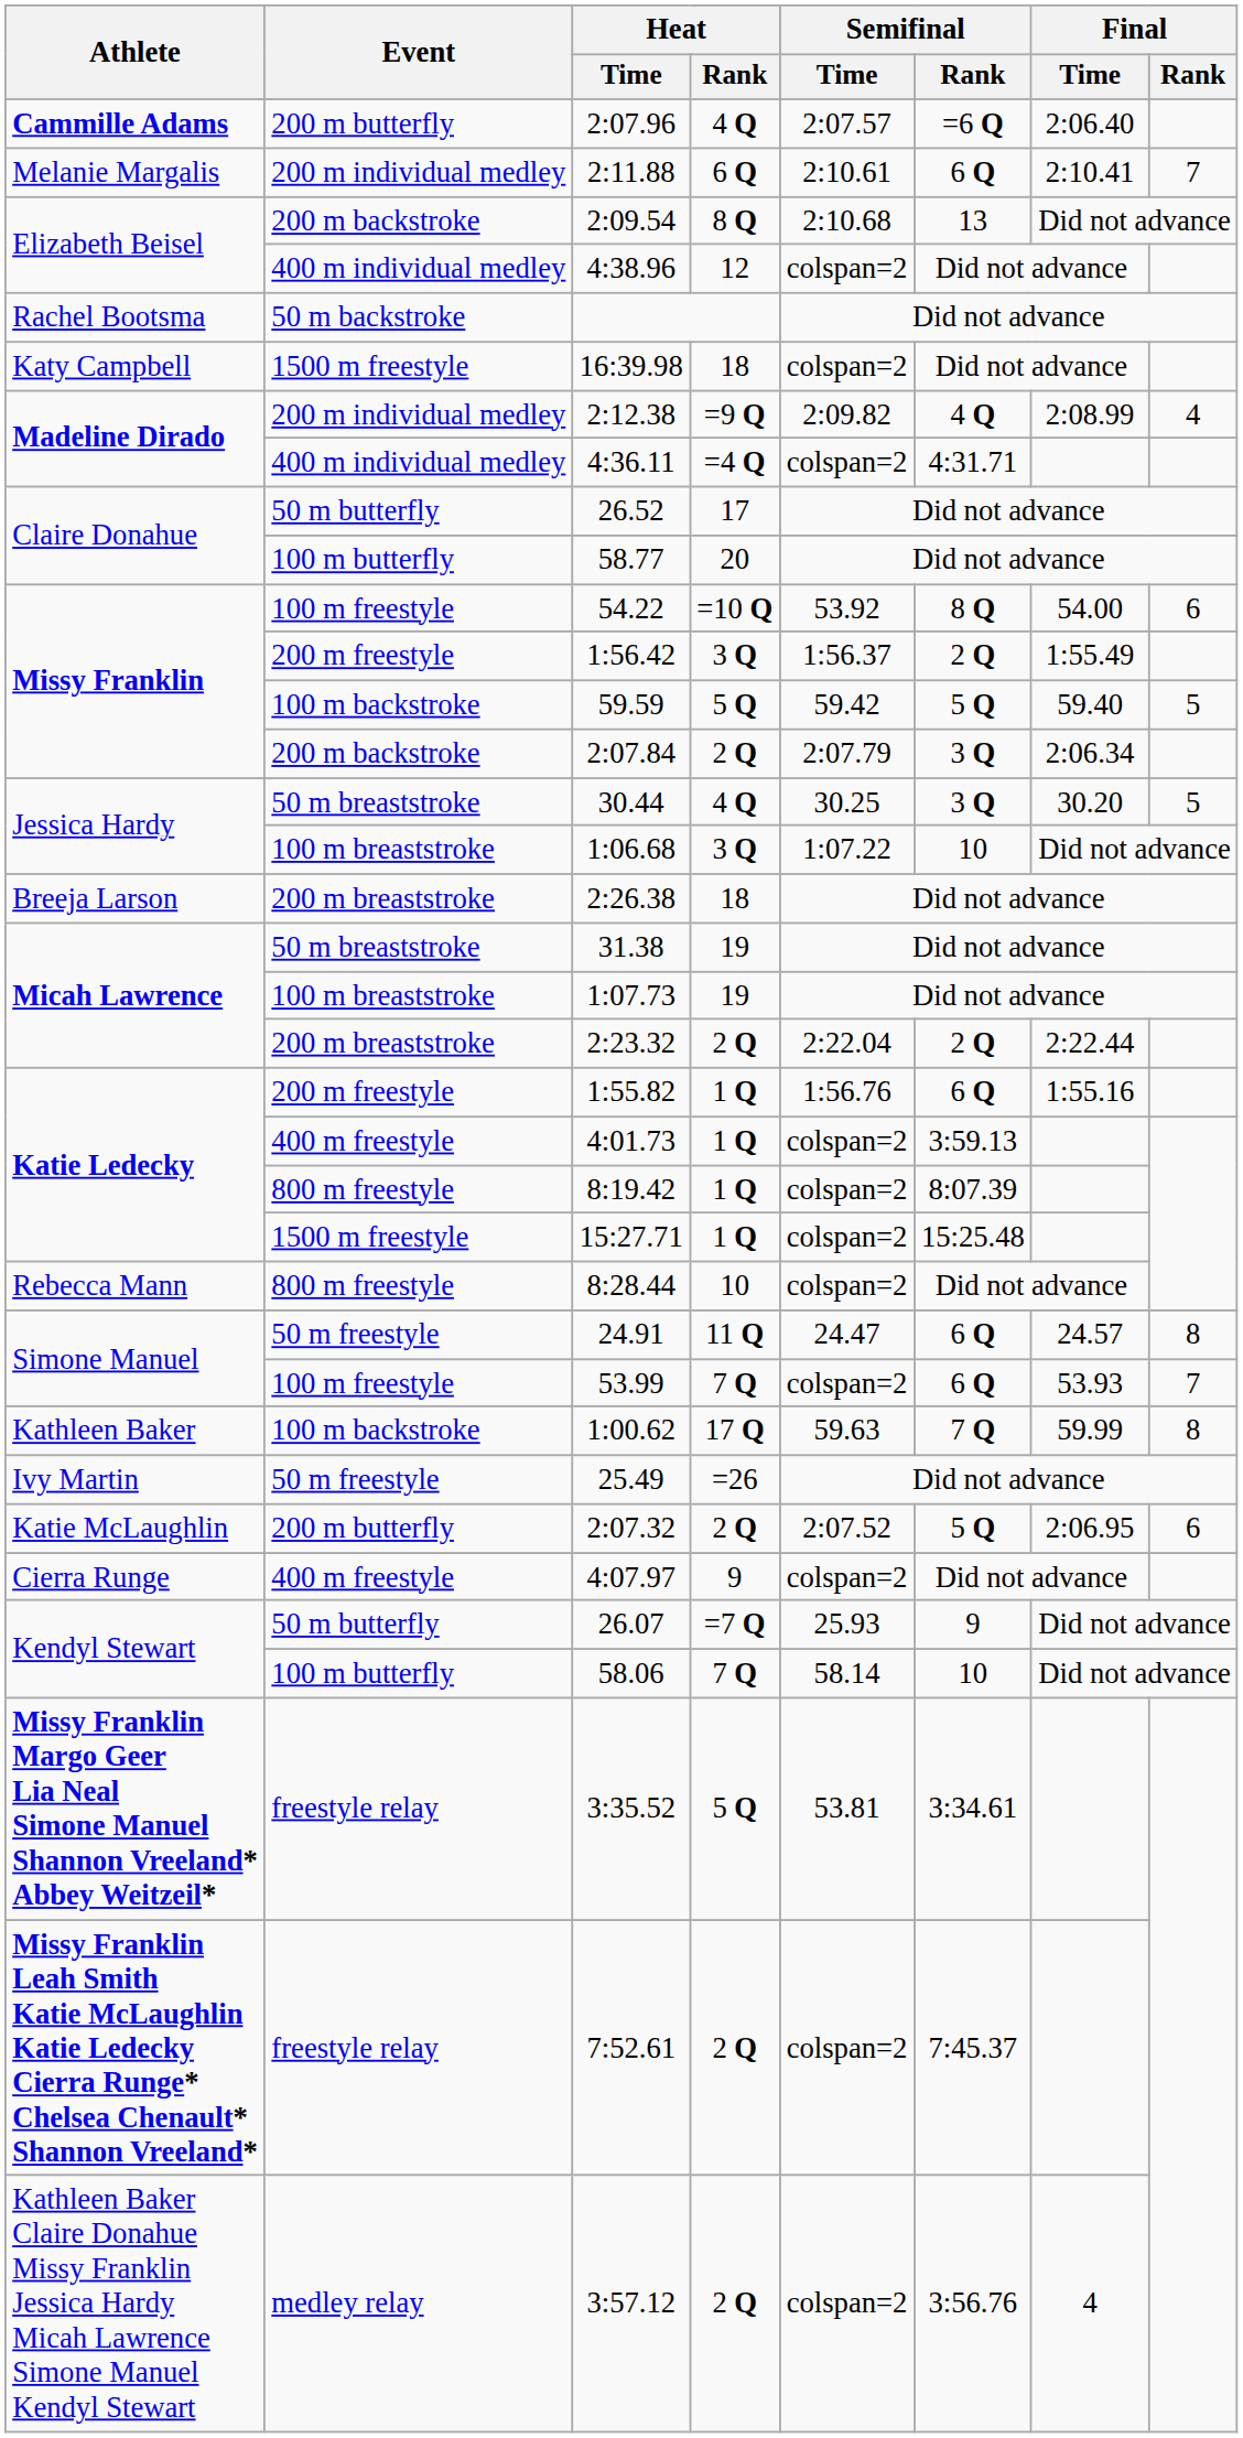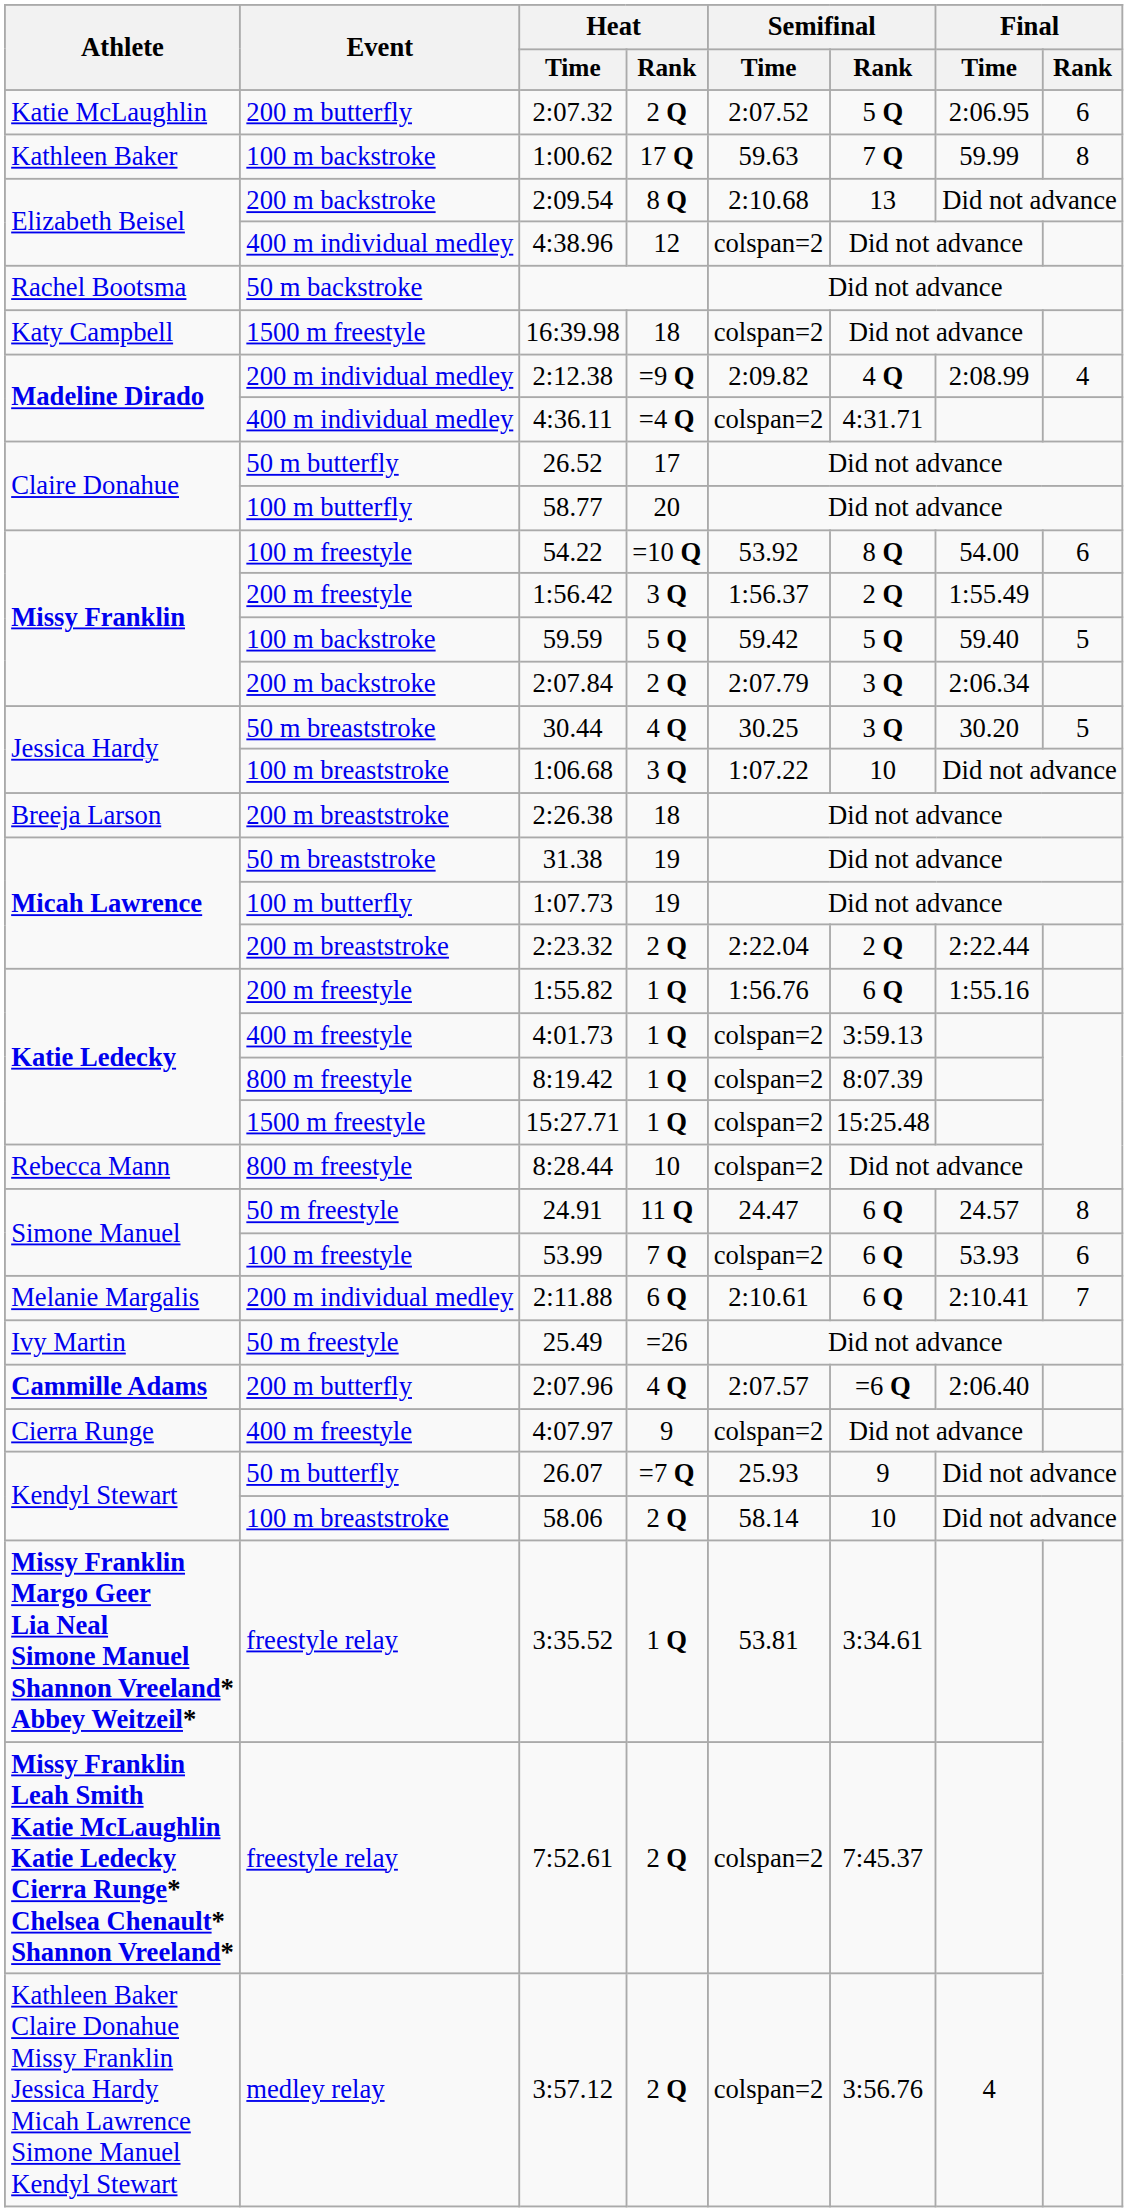 <table class=wikitable style="font-size:90%">
 <tr>
 <th rowspan="2">Athlete</th>
 <th rowspan="2">Event</th>
 <th colspan="2">Heat</th>
 <th colspan="2">Semifinal</th>
 <th colspan="2">Final</th>
 </tr>
 <tr style="font-size:95%">
 <th>Time</th>
 <th>Rank</th>
 <th>Time</th>
 <th>Rank</th>
 <th>Time</th>
 <th>Rank</th>
 </tr>
 <tr align=center>
-<td align=left><strong><a href='#'>Cammille Adams</a></strong></td>
+<td align=left><a href='#'>Katie McLaughlin</a></td>
 <td align=left><a href='#'>200 m butterfly</a></td>
-<td>2:07.96</td>
-<td>4 <strong>Q</strong></td>
-<td>2:07.57</td>
-<td>=6 <strong>Q</strong></td>
-<td>2:06.40</td>
-<td></td>
+<td>2:07.32</td>
+<td>2 <strong>Q</strong></td>
+<td>2:07.52</td>
+<td>5 <strong>Q</strong></td>
+<td>2:06.95</td>
+<td>6</td>
 </tr>
 <tr align=center>
-<td align=left><a href='#'>Melanie Margalis</a></td>
-<td align=left><a href='#'>200 m individual medley</a></td>
-<td>2:11.88</td>
-<td>6 <strong>Q</strong></td>
-<td>2:10.61</td>
-<td>6 <strong>Q</strong></td>
-<td>2:10.41</td>
-<td>7</td>
+<td align=left><a href='#'>Kathleen Baker</a></td>
+<td align=left><a href='#'>100 m backstroke</a></td>
+<td>1:00.62</td>
+<td>17 <strong>Q</strong></td>
+<td>59.63</td>
+<td>7 <strong>Q</strong></td>
+<td>59.99</td>
+<td>8</td>
 </tr>
 <tr align=center>
 <td align=left rowspan=2><a href='#'>Elizabeth Beisel</a></td>
 <td align=left><a href='#'>200 m backstroke</a></td>
 <td>2:09.54</td>
 <td>8 <strong>Q</strong></td>
 <td>2:10.68</td>
 <td>13</td>
 <td colspan=2>Did not advance</td>
 </tr>
 <tr align=center>
 <td align=left><a href='#'>400 m individual medley</a></td>
 <td>4:38.96</td>
 <td>12</td>
 <td>colspan=2 </td>
 <td colspan=2>Did not advance</td>
 </tr>
 <tr align=center>
 <td align=left><a href='#'>Rachel Bootsma</a></td>
 <td align=left><a href='#'>50 m backstroke</a></td>
 <td colspan=2></td>
 <td colspan=4>Did not advance</td>
 </tr>
 <tr align=center>
 <td align=left><a href='#'>Katy Campbell</a></td>
 <td align=left><a href='#'>1500 m freestyle</a></td>
 <td>16:39.98</td>
 <td>18</td>
 <td>colspan=2 </td>
 <td colspan=2>Did not advance</td>
 </tr>
 <tr align=center>
 <td align=left rowspan=2><strong><a href='#'>Madeline Dirado</a></strong></td>
 <td align=left><a href='#'>200 m individual medley</a></td>
 <td>2:12.38</td>
 <td>=9 <strong>Q</strong></td>
 <td>2:09.82</td>
 <td>4 <strong>Q</strong></td>
 <td>2:08.99</td>
 <td>4</td>
 </tr>
 <tr align=center>
 <td align=left><a href='#'>400 m individual medley</a></td>
 <td>4:36.11</td>
 <td>=4 <strong>Q</strong></td>
 <td>colspan=2 </td>
 <td>4:31.71</td>
 <td></td>
 </tr>
 <tr align=center>
 <td align=left rowspan=2><a href='#'>Claire Donahue</a></td>
 <td align=left><a href='#'>50 m butterfly</a></td>
 <td>26.52</td>
 <td>17</td>
 <td colspan=4>Did not advance</td>
 </tr>
 <tr align=center>
 <td align=left><a href='#'>100 m butterfly</a></td>
 <td>58.77</td>
 <td>20</td>
 <td colspan=4>Did not advance</td>
 </tr>
 <tr align=center>
 <td align=left rowspan=4><strong><a href='#'>Missy Franklin</a></strong></td>
 <td align=left><a href='#'>100 m freestyle</a></td>
 <td>54.22</td>
 <td>=10 <strong>Q</strong></td>
 <td>53.92</td>
 <td>8 <strong>Q</strong></td>
 <td>54.00</td>
 <td>6</td>
 </tr>
 <tr align=center>
 <td align=left><a href='#'>200 m freestyle</a></td>
 <td>1:56.42</td>
 <td>3 <strong>Q</strong></td>
 <td>1:56.37</td>
 <td>2 <strong>Q</strong></td>
 <td>1:55.49</td>
 <td></td>
 </tr>
 <tr align=center>
 <td align=left><a href='#'>100 m backstroke</a></td>
 <td>59.59</td>
 <td>5 <strong>Q</strong></td>
 <td>59.42</td>
 <td>5 <strong>Q</strong></td>
 <td>59.40</td>
 <td>5</td>
 </tr>
 <tr align=center>
 <td align=left><a href='#'>200 m backstroke</a></td>
 <td>2:07.84</td>
 <td>2 <strong>Q</strong></td>
 <td>2:07.79</td>
 <td>3 <strong>Q</strong></td>
 <td>2:06.34</td>
 <td></td>
 </tr>
 <tr align=center>
 <td align=left rowspan=2><a href='#'>Jessica Hardy</a></td>
 <td align=left><a href='#'>50 m breaststroke</a></td>
 <td>30.44</td>
 <td>4 <strong>Q</strong></td>
 <td>30.25</td>
 <td>3 <strong>Q</strong></td>
 <td>30.20</td>
 <td>5</td>
 </tr>
 <tr align=center>
 <td align=left><a href='#'>100 m breaststroke</a></td>
 <td>1:06.68</td>
 <td>3 <strong>Q</strong></td>
 <td>1:07.22</td>
 <td>10</td>
 <td colspan=2>Did not advance</td>
 </tr>
 <tr align=center>
 <td align=left><a href='#'>Breeja Larson</a></td>
 <td align=left><a href='#'>200 m breaststroke</a></td>
 <td>2:26.38</td>
 <td>18</td>
 <td colspan=4>Did not advance</td>
 </tr>
 <tr align=center>
 <td align=left rowspan=3><strong><a href='#'>Micah Lawrence</a></strong></td>
 <td align=left><a href='#'>50 m breaststroke</a></td>
 <td>31.38</td>
 <td>19</td>
 <td colspan=4>Did not advance</td>
 </tr>
 <tr align=center>
-<td align=left><a href='#'>100 m breaststroke</a></td>
+<td align=left><a href='#'>100 m butterfly</a></td>
 <td>1:07.73</td>
 <td>19</td>
 <td colspan=4>Did not advance</td>
 </tr>
 <tr align=center>
 <td align=left><a href='#'>200 m breaststroke</a></td>
 <td>2:23.32</td>
 <td>2 <strong>Q</strong></td>
 <td>2:22.04</td>
 <td>2 <strong>Q</strong></td>
 <td>2:22.44</td>
 <td></td>
 </tr>
 <tr align=center>
 <td align=left rowspan=4><strong><a href='#'>Katie Ledecky</a></strong></td>
 <td align=left><a href='#'>200 m freestyle</a></td>
 <td>1:55.82</td>
 <td>1 <strong>Q</strong></td>
 <td>1:56.76</td>
 <td>6 <strong>Q</strong></td>
 <td>1:55.16</td>
 <td></td>
 </tr>
 <tr align=center>
 <td align=left><a href='#'>400 m freestyle</a></td>
 <td>4:01.73</td>
 <td>1 <strong>Q</strong></td>
 <td>colspan=2 </td>
 <td>3:59.13</td>
 <td></td>
 </tr>
 <tr align=center>
 <td align=left><a href='#'>800 m freestyle</a></td>
 <td>8:19.42</td>
 <td>1 <strong>Q</strong></td>
 <td>colspan=2 </td>
 <td>8:07.39 </td>
 <td></td>
 </tr>
 <tr align=center>
 <td align=left><a href='#'>1500 m freestyle</a></td>
 <td>15:27.71 </td>
 <td>1 <strong>Q</strong></td>
 <td>colspan=2 </td>
 <td>15:25.48 </td>
 <td></td>
 </tr>
 <tr align=center>
 <td align=left><a href='#'>Rebecca Mann</a></td>
 <td align=left><a href='#'>800 m freestyle</a></td>
 <td>8:28.44</td>
 <td>10</td>
 <td>colspan=2 </td>
 <td colspan=2>Did not advance</td>
 </tr>
 <tr align=center>
 <td align=left rowspan=2><a href='#'>Simone Manuel</a></td>
 <td align=left><a href='#'>50 m freestyle</a></td>
 <td>24.91</td>
 <td>11 <strong>Q</strong></td>
 <td>24.47</td>
 <td>6 <strong>Q</strong></td>
 <td>24.57</td>
 <td>8</td>
 </tr>
 <tr align=center>
 <td align=left><a href='#'>100 m freestyle</a></td>
 <td>53.99</td>
 <td>7 <strong>Q</strong></td>
 <td>colspan=2 </td>
 <td>6 <strong>Q</strong></td>
 <td>53.93</td>
-<td>7</td>
+<td>6</td>
 </tr>
 <tr align=center>
-<td align=left><a href='#'>Kathleen Baker</a></td>
-<td align=left><a href='#'>100 m backstroke</a></td>
-<td>1:00.62</td>
-<td>17 <strong>Q</strong></td>
-<td>59.63</td>
-<td>7 <strong>Q</strong></td>
-<td>59.99</td>
-<td>8</td>
+<td align=left><a href='#'>Melanie Margalis</a></td>
+<td align=left><a href='#'>200 m individual medley</a></td>
+<td>2:11.88</td>
+<td>6 <strong>Q</strong></td>
+<td>2:10.61</td>
+<td>6 <strong>Q</strong></td>
+<td>2:10.41</td>
+<td>7</td>
 </tr>
 <tr align=center>
 <td align=left><a href='#'>Ivy Martin</a></td>
 <td align=left><a href='#'>50 m freestyle</a></td>
 <td>25.49</td>
 <td>=26</td>
 <td colspan=4>Did not advance</td>
 </tr>
 <tr align=center>
-<td align=left><a href='#'>Katie McLaughlin</a></td>
+<td align=left><strong><a href='#'>Cammille Adams</a></strong></td>
 <td align=left><a href='#'>200 m butterfly</a></td>
-<td>2:07.32</td>
-<td>2 <strong>Q</strong></td>
-<td>2:07.52</td>
-<td>5 <strong>Q</strong></td>
-<td>2:06.95</td>
-<td>6</td>
+<td>2:07.96</td>
+<td>4 <strong>Q</strong></td>
+<td>2:07.57</td>
+<td>=6 <strong>Q</strong></td>
+<td>2:06.40</td>
+<td></td>
 </tr>
 <tr align=center>
 <td align=left><a href='#'>Cierra Runge</a></td>
 <td align=left><a href='#'>400 m freestyle</a></td>
 <td>4:07.97</td>
 <td>9</td>
 <td>colspan=2 </td>
 <td colspan=2>Did not advance</td>
 </tr>
 <tr align=center>
 <td align=left rowspan=2><a href='#'>Kendyl Stewart</a></td>
 <td align=left><a href='#'>50 m butterfly</a></td>
 <td>26.07</td>
 <td>=7 <strong>Q</strong></td>
 <td>25.93</td>
 <td>9</td>
 <td colspan=2>Did not advance</td>
 </tr>
 <tr align=center>
-<td align=left><a href='#'>100 m butterfly</a></td>
+<td align=left><a href='#'>100 m breaststroke</a></td>
 <td>58.06</td>
-<td>7 <strong>Q</strong></td>
+<td>2 <strong>Q</strong></td>
 <td>58.14</td>
 <td>10</td>
 <td colspan=2>Did not advance</td>
 </tr>
 <tr align=center>
 <td align=left><strong><a href='#'>Missy Franklin</a><br><a href='#'>Margo Geer</a><br><a href='#'>Lia Neal</a><br><a href='#'>Simone Manuel</a><br><a href='#'>Shannon Vreeland</a>*<br><a href='#'>Abbey Weitzeil</a>*</strong></td>
 <td align=left><a href='#'> freestyle relay</a></td>
 <td>3:35.52</td>
-<td>5 <strong>Q</strong></td>
+<td>1 <strong>Q</strong></td>
 <td>53.81</td>
 <td>3:34.61</td>
 <td></td>
 </tr>
 <tr align=center>
 <td align=left><strong><a href='#'>Missy Franklin</a><br><a href='#'>Leah Smith</a><br><a href='#'>Katie McLaughlin</a><br><a href='#'>Katie Ledecky</a><br><a href='#'>Cierra Runge</a>*<br><a href='#'>Chelsea Chenault</a>*<br><a href='#'>Shannon Vreeland</a>*</strong></td>
 <td align=left><a href='#'> freestyle relay</a></td>
 <td>7:52.61</td>
 <td>2 <strong>Q</strong></td>
 <td>colspan=2 </td>
 <td>7:45.37</td>
 <td></td>
 </tr>
 <tr align=center>
 <td align=left><a href='#'>Kathleen Baker</a><br><a href='#'>Claire Donahue</a><br><a href='#'>Missy Franklin</a><br><a href='#'>Jessica Hardy</a><br><a href='#'>Micah Lawrence</a><br><a href='#'>Simone Manuel</a><br><a href='#'>Kendyl Stewart</a></td>
 <td align=left><a href='#'> medley relay</a></td>
 <td>3:57.12</td>
 <td>2 <strong>Q</strong></td>
 <td>colspan=2 </td>
 <td>3:56.76</td>
 <td>4</td>
 </tr>
 </table>
